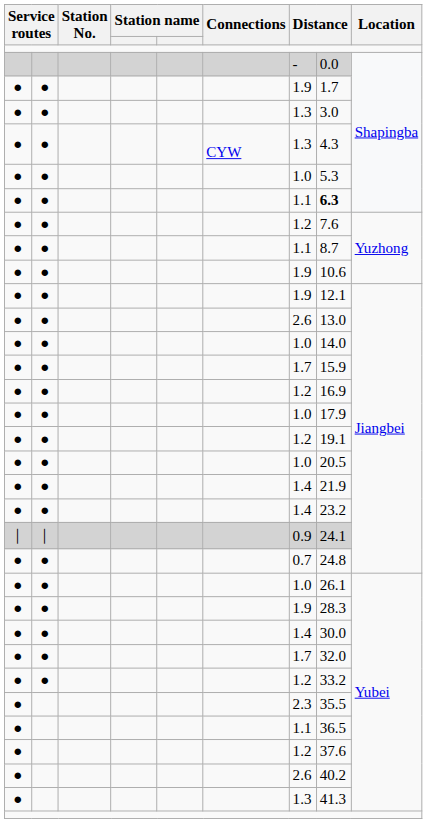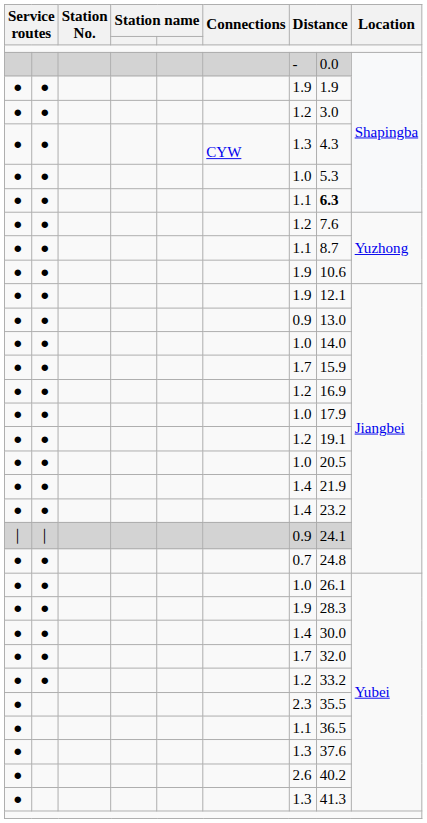 <table class="wikitable">
 <tr>
 <th rowspan="2" colspan="2">Service<br>routes</th>
 <th rowspan="2">Station<br>No.</th>
 <th colspan="2">Station name</th>
 <th rowspan="2">Connections</th>
 <th colspan="2" rowspan="2">Distance<br></th>
 <th rowspan="2">Location</th>
 </tr>
 <tr>
 <th></th>
 <th></th>
 </tr>
 <tr style="background:#">
 <td colspan = "10"></td>
 </tr>
 <tr bgcolor="lightgrey">
 <td align="center"></td>
 <td align="center"></td>
 <td></td>
 <td><em></em></td>
 <td></td>
 <td></td>
 <td>-</td>
 <td>0.0</td>
 <td bgcolor=#F8F9FA rowspan="6"><a href='#'>Shapingba</a></td>
 </tr>
 <tr>
 <td align="center">●</td>
 <td align="center">●</td>
 <td></td>
 <td></td>
 <td></td>
 <td></td>
 <td>1.9</td>
-<td>1.7</td>
+<td>1.9</td>
 </tr>
 <tr>
 <td align="center">●</td>
 <td align="center">●</td>
 <td></td>
 <td></td>
 <td></td>
 <td></td>
-<td>1.3</td>
+<td>1.2</td>
 <td>3.0</td>
 </tr>
 <tr>
 <td align="center">●</td>
 <td align="center">●</td>
 <td></td>
 <td></td>
 <td></td>
 <td>   <br> <a href='#'>CYW</a></td>
 <td>1.3</td>
 <td>4.3</td>
 </tr>
 <tr>
 <td align="center">●</td>
 <td align="center">●</td>
 <td></td>
 <td></td>
 <td></td>
 <td></td>
 <td>1.0</td>
 <td>5.3</td>
 </tr>
 <tr>
 <td align="center">●</td>
 <td align="center">●</td>
 <td></td>
 <td></td>
 <td></td>
 <td></td>
 <td>1.1</td>
 <td><strong>6.3</strong></td>
 </tr>
 <tr>
 <td align="center">●</td>
 <td align="center">●</td>
 <td></td>
 <td></td>
 <td></td>
 <td></td>
 <td>1.2</td>
 <td>7.6</td>
 <td rowspan="3"><a href='#'>Yuzhong</a></td>
 </tr>
 <tr>
 <td align="center">●</td>
 <td align="center">●</td>
 <td></td>
 <td></td>
 <td></td>
 <td></td>
 <td>1.1</td>
 <td>8.7</td>
 </tr>
 <tr>
 <td align="center">●</td>
 <td align="center">●</td>
 <td></td>
 <td></td>
 <td></td>
 <td></td>
 <td>1.9</td>
 <td>10.6</td>
 </tr>
 <tr>
 <td align="center">●</td>
 <td align="center">●</td>
 <td></td>
 <td></td>
 <td></td>
 <td></td>
 <td>1.9</td>
 <td>12.1</td>
 <td rowspan="12"><a href='#'>Jiangbei</a></td>
 </tr>
 <tr>
 <td align="center">●</td>
 <td align="center">●</td>
 <td></td>
 <td></td>
 <td></td>
 <td></td>
-<td>2.6</td>
+<td>0.9</td>
 <td>13.0</td>
 </tr>
 <tr>
 <td align="center">●</td>
 <td align="center">●</td>
 <td></td>
 <td></td>
 <td></td>
 <td></td>
 <td>1.0</td>
 <td>14.0</td>
 </tr>
 <tr>
 <td align="center">●</td>
 <td align="center">●</td>
 <td></td>
 <td></td>
 <td></td>
 <td></td>
 <td>1.7</td>
 <td>15.9</td>
 </tr>
 <tr>
 <td align="center">●</td>
 <td align="center">●</td>
 <td></td>
 <td></td>
 <td></td>
 <td></td>
 <td>1.2</td>
 <td>16.9</td>
 </tr>
 <tr>
 <td align="center">●</td>
 <td align="center">●</td>
 <td></td>
 <td></td>
 <td></td>
 <td></td>
 <td>1.0</td>
 <td>17.9</td>
 </tr>
 <tr>
 <td align="center">●</td>
 <td align="center">●</td>
 <td></td>
 <td></td>
 <td></td>
 <td> </td>
 <td>1.2</td>
 <td>19.1</td>
 </tr>
 <tr>
 <td align="center">●</td>
 <td align="center">●</td>
 <td></td>
 <td></td>
 <td></td>
 <td></td>
 <td>1.0</td>
 <td>20.5</td>
 </tr>
 <tr>
 <td align="center">●</td>
 <td align="center">●</td>
 <td></td>
 <td></td>
 <td></td>
 <td></td>
 <td>1.4</td>
 <td>21.9</td>
 </tr>
 <tr>
 <td align="center">●</td>
 <td align="center">●</td>
 <td></td>
 <td></td>
 <td></td>
 <td></td>
 <td>1.4</td>
 <td>23.2</td>
 </tr>
 <tr bgcolor="lightgrey">
 <td align="center">｜</td>
 <td align="center">｜</td>
 <td></td>
 <td><em></em></td>
 <td></td>
 <td></td>
 <td>0.9</td>
 <td>24.1</td>
 </tr>
 <tr>
 <td align="center">●</td>
 <td align="center">●</td>
 <td></td>
 <td></td>
 <td></td>
 <td></td>
 <td>0.7</td>
 <td>24.8</td>
 </tr>
 <tr>
 <td align="center">●</td>
 <td align="center">●</td>
 <td></td>
 <td></td>
 <td></td>
 <td></td>
 <td>1.0</td>
 <td>26.1</td>
 <td rowspan="10"><a href='#'>Yubei</a></td>
 </tr>
 <tr>
 <td align="center">●</td>
 <td align="center">●</td>
 <td></td>
 <td></td>
 <td></td>
 <td></td>
 <td>1.9</td>
 <td>28.3</td>
 </tr>
 <tr>
 <td align="center">●</td>
 <td align="center">●</td>
 <td></td>
 <td></td>
 <td></td>
 <td></td>
 <td>1.4</td>
 <td>30.0</td>
 </tr>
 <tr>
 <td align="center">●</td>
 <td align="center">●</td>
 <td></td>
 <td></td>
 <td></td>
 <td></td>
 <td>1.7</td>
 <td>32.0</td>
 </tr>
 <tr>
 <td align="center">●</td>
 <td align="center">●</td>
 <td></td>
 <td></td>
 <td></td>
 <td></td>
 <td>1.2</td>
 <td>33.2</td>
 </tr>
 <tr>
 <td align="center">●</td>
 <td align="center"></td>
 <td></td>
 <td></td>
 <td></td>
 <td></td>
 <td>2.3</td>
 <td>35.5</td>
 </tr>
 <tr>
 <td align="center">●</td>
 <td align="center"></td>
 <td></td>
 <td></td>
 <td></td>
 <td></td>
 <td>1.1</td>
 <td>36.5</td>
 </tr>
 <tr>
 <td align="center">●</td>
 <td align="center"></td>
 <td></td>
 <td></td>
 <td></td>
 <td></td>
-<td>1.2</td>
+<td>1.3</td>
 <td>37.6</td>
 </tr>
 <tr>
 <td align="center">●</td>
 <td align="center"></td>
 <td></td>
 <td></td>
 <td></td>
 <td></td>
 <td>2.6</td>
 <td>40.2</td>
 </tr>
 <tr>
 <td align="center">●</td>
 <td align="center"></td>
 <td></td>
 <td></td>
 <td></td>
 <td></td>
 <td>1.3</td>
 <td>41.3</td>
 </tr>
 <tr style="background:#">
 <td colspan = "10"></td>
 </tr>
 </table>
